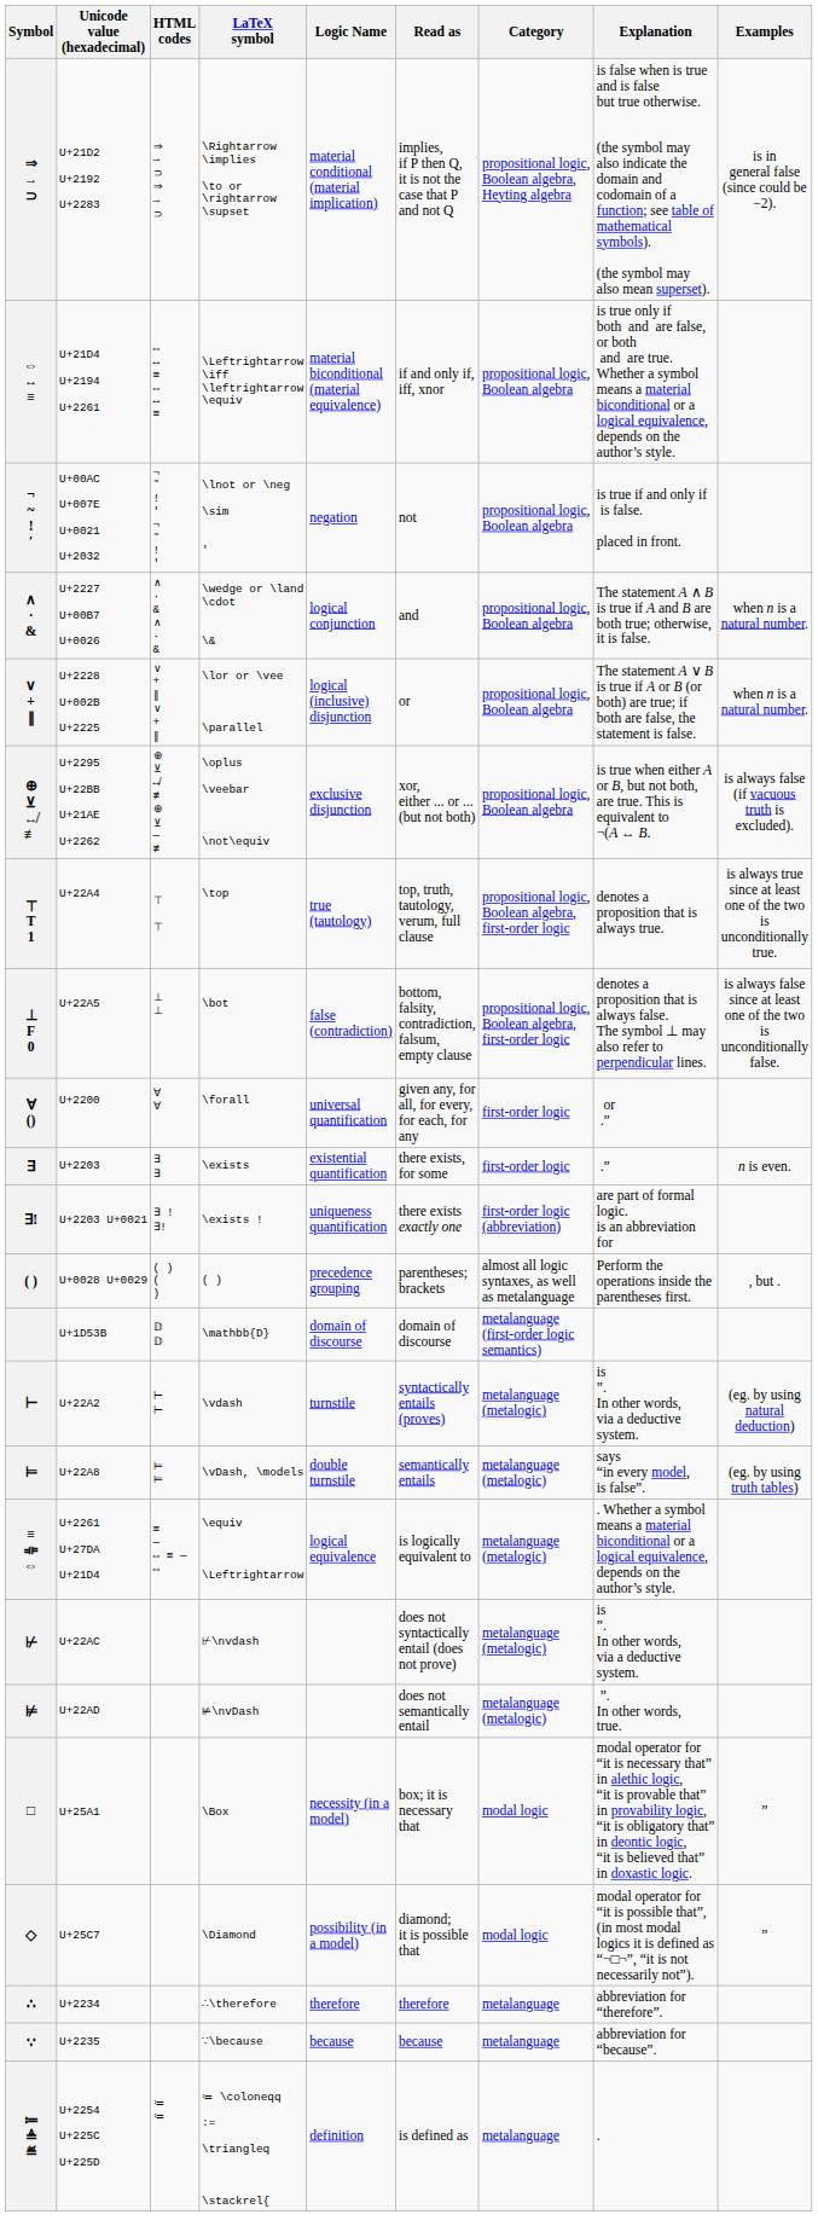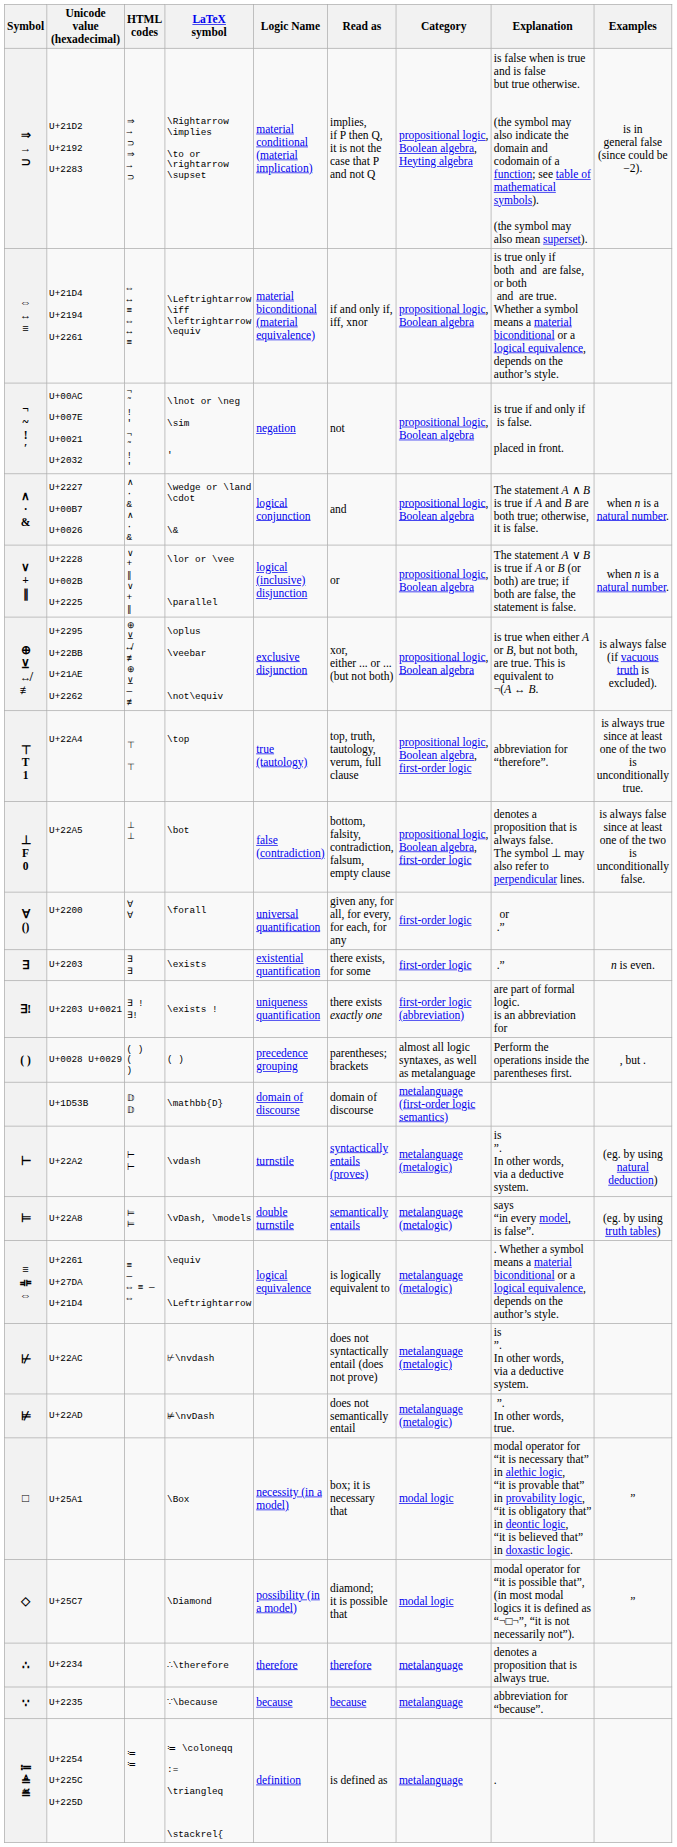 <table class="wikitable">
 <tr>
 <th scope="col">Symbol</th>
 <th scope="col">Unicode<br>value<br>(hexadecimal)</th>
 <th scope="col">HTML<br>codes</th>
 <th scope="col"><a href='#'>LaTeX</a><br>symbol</th>
 <th>Logic Name</th>
 <th>Read as</th>
 <th>Category</th>
 <th scope="col">Explanation</th>
 <th scope="col">Examples</th>
 </tr>
 <tr>
 <th scope"row" align="center"><div>⇒<br>→<br>⊃</div></th>
 <td style="text-align:left;font-family:monospace">U+21D2<br><br>U+2192<br><br>U+2283</td>
 <td style="text-align:left;font-family:monospace">&#8658;<br>&#8594;<br>&#8835;<br>&rArr;<br>&rarr;<br>&sup;</td>
 <td style="text-align:left;font-family:monospace"><div>\Rightarrow<br>\implies<br><br>\to or \rightarrow<br>\supset<br></div></td>
 <td><a href='#'>material conditional (material implication)</a></td>
 <td>implies,<br> if P then Q,<br> it is not the case that P and not Q</td>
 <td><a href='#'>propositional logic</a>, <a href='#'>Boolean algebra</a>, <a href='#'> Heyting algebra</a></td>
 <td> is false when  is true and  is false but true otherwise.<br><br><br>(the symbol may also indicate the domain and codomain of a <a href='#'>function</a>; see <a href='#'>table of mathematical symbols</a>).<br><br> (the symbol may also mean <a href='#'>superset</a>).</td>
 <td scope"row" align="center"><div> is in general false<br> (since  could be −2).</div></td>
 </tr>
 <tr>
 <th scope"row" align="center"><div>⇔<br>↔<br>≡</div></th>
 <td style="text-align:left;font-family:monospace">U+21D4<br><br>U+2194<br><br>U+2261</td>
 <td style="text-align:left;font-family:monospace">&#8660;<br>&#8596;<br>&#8801;<br>&hArr;<br>&LeftRightArrow;<br>&equiv;</td>
 <td style="text-align:left;font-family:monospace">\Leftrightarrow<br>\iff<br>\leftrightarrow<br>\equiv</td>
 <td><a href='#'>material biconditional (material equivalence)</a></td>
 <td>if and only if, iff, xnor</td>
 <td><a href='#'>propositional logic</a>, <a href='#'>Boolean algebra</a></td>
 <td> is true only if both  and  are false, or both  and  are true. Whether a symbol means a <a href='#'>material biconditional</a> or a <a href='#'>logical equivalence</a>, depends on the author’s style.</td>
 <td scope"row" align="center"><div></div></td>
 </tr>
 <tr>
 <th scope"row" align="center"><div>¬<br>~<br>!<br>′ </div></th>
 <td style="text-align:left;font-family:monospace">U+00AC<br><br>U+007E<br><br>U+0021<br><br>U+2032</td>
 <td style="text-align:left;font-family:monospace">&#172;<br>&#732;<br>&#33;<br>&#8242;<br>&not;<br>&tilde;<br>&excl;<br>&prime;</td>
 <td style="text-align:left;font-family:monospace">\lnot or \neg<br><br>\sim<br><br><br>  '</td>
 <td><a href='#'>negation</a></td>
 <td>not</td>
 <td><a href='#'>propositional logic</a>, <a href='#'>Boolean algebra</a></td>
 <td> is true if and only if  is false.<br><br> placed in front.<br></td>
 <td scope"row" align="center"><div><br></div></td>
 </tr>
 <tr>
 <th scope"row" align="center"><div>∧<br>·<br>&</div></th>
 <td style="text-align:left;font-family:monospace">U+2227<br><br>U+00B7<br><br>U+0026</td>
 <td style="text-align:left;font-family:monospace">&#8743;<br>&#183;<br>&#38;<br>&and;<br>&middot;<br>&amp;<br></td>
 <td style="text-align:left;font-family:monospace"><div>\wedge or \land<br>\cdot<br><br><br>\&</div></td>
 <td><a href='#'>logical conjunction</a></td>
 <td>and</td>
 <td><a href='#'>propositional logic</a>, <a href='#'>Boolean algebra</a></td>
 <td>The statement <em>A</em> ∧ <em>B</em> is true if <em>A</em> and <em>B</em> are both true; otherwise, it is false.</td>
 <td scope"row" align="center"><div>   when <em>n</em> is a <a href='#'>natural number</a>.</div></td>
 </tr>
 <tr>
 <th scope"row" align="center"><div>∨<br>+<br>∥</div></th>
 <td style="text-align:left;font-family:monospace">U+2228<br><br>U+002B<br><br>U+2225</td>
 <td style="text-align:left;font-family:monospace">&#8744;<br>&#43;<br>&#8741;<br>&or;<br>&plus;<br>&parallel;</td>
 <td style="text-align:left;font-family:monospace">\lor or \vee<br><br><br><br>\parallel</td>
 <td><a href='#'>logical (inclusive) disjunction</a></td>
 <td>or</td>
 <td><a href='#'>propositional logic</a>, <a href='#'>Boolean algebra</a></td>
 <td>The statement <em>A</em> ∨ <em>B</em> is true if <em>A</em> or <em>B</em> (or both) are true; if both are false, the statement is false.</td>
 <td scope"row" align="center"><div> when <em>n</em> is a <a href='#'>natural number</a>.</div></td>
 </tr>
 <tr>
 <th scope"row" align="center"><br><div>⊕<br>⊻<br>↮<br>≢</div></th>
 <td style="text-align:left;font-family:monospace">U+2295<br><br>U+22BB<br><br>U+21AE<br><br>U+2262</td>
 <td style="text-align:left;font-family:monospace">&#8853;<br>&#8891;<br>&#8622;<br>&#8802;<br>&oplus;<br>&veebar;<br>—<br>&nequiv;</td>
 <td style="text-align:left;font-family:monospace">\oplus<br><br>\veebar<br><br><br><br>\not\equiv</td>
 <td><a href='#'>exclusive disjunction</a></td>
 <td>xor,<br> either ... or ... (but not both)</td>
 <td><a href='#'>propositional logic</a>, <a href='#'>Boolean algebra</a></td>
 <td> is true when either <em>A</em> or <em>B</em>, but not both, are true. This is equivalent to<br> ¬(<em>A</em> ↔ <em>B</em>.</td>
 <td scope"row" align="center"><div> is always false (if <a href='#'>vacuous truth</a> is excluded).</div></td>
 </tr>
 <tr>
 <th scope"row" align="center"><br><div>⊤<br>T<br>1</div></th>
 <td style="text-align:left;font-family:monospace"><br><br>U+22A4<br><br> <br> <br> <br> <br></td>
 <td style="text-align:left;font-family:monospace">&#8868;<br><br>&top;<br></td>
 <td style="text-align:left;font-family:monospace">\top<br><br> <br> <br></td>
 <td><a href='#'>true (tautology)</a></td>
 <td>top, truth, tautology, verum, full clause</td>
 <td><a href='#'>propositional logic</a>, <a href='#'>Boolean algebra</a>, <a href='#'>first-order logic</a></td>
-<td> denotes a proposition that is always true.</td>
+<td>abbreviation for “therefore”.</td>
 <td scope"row" align="center"><div> is always true since at least one of the two is unconditionally true.</div></td>
 </tr>
 <tr>
 <th scope"row" align="center"><br><div>⊥<br>F<br>0</div></th>
 <td style="text-align:left;font-family:monospace"><br><br>U+22A5<br><br> <br> <br> <br> <br></td>
 <td style="text-align:left;font-family:monospace">&#8869;<br>&perp;<br><br> <br> <br></td>
 <td style="text-align:left;font-family:monospace">\bot<br><br> <br> <br></td>
 <td><a href='#'>false (contradiction)</a></td>
 <td>bottom, falsity, contradiction, falsum, empty clause</td>
 <td><a href='#'>propositional logic</a>, <a href='#'>Boolean algebra</a>, <a href='#'>first-order logic</a></td>
 <td> denotes a proposition that is always false. <br>The symbol ⊥ may also refer to <a href='#'>perpendicular</a> lines.</td>
 <td scope"row" align="center"><div> is always false since at least one of the two is unconditionally false.</div></td>
 </tr>
 <tr>
 <th scope"row" align="center"><div>∀<br>()</div></th>
 <td style="text-align:left;font-family:monospace">U+2200<br><br><br></td>
 <td style="text-align:left;font-family:monospace">&#8704;<br>&forall;<br><br><br></td>
 <td style="text-align:left;font-family:monospace">\forall<br><br><br></td>
 <td><a href='#'>universal quantification</a></td>
 <td>given any, for all, for every, for each, for any</td>
 <td><a href='#'>first-order logic</a></td>
 <td>  or<br> .”</td>
 <td scope"row" align="center"><div></div></td>
 </tr>
 <tr>
 <th scope"row" align="center"><div>∃</div></th>
 <td style="text-align:left;font-family:monospace">U+2203</td>
 <td style="text-align:left;font-family:monospace">&#8707;<br>&exist;</td>
 <td style="text-align:left;font-family:monospace">\exists</td>
 <td><a href='#'>existential quantification</a></td>
 <td>there exists, for some</td>
 <td><a href='#'>first-order logic</a></td>
 <td> .”</td>
 <td scope"row" align="center"><div> <em>n</em> is even.</div></td>
 </tr>
 <tr>
 <th scope"row" align="center"><div>∃!</div></th>
 <td style="text-align:left;font-family:monospace">U+2203 U+0021</td>
 <td style="text-align:left;font-family:monospace">&#8707; &#33;<br>&exist;!</td>
 <td style="text-align:left;font-family:monospace">\exists !</td>
 <td><a href='#'>uniqueness quantification</a></td>
 <td>there exists <em>exactly one</em></td>
 <td><a href='#'> first-order logic (abbreviation)</a></td>
 <td> are part of formal logic.<br> is an abbreviation for <div></div></td>
 <td scope"row" align="center"><div></div></td>
 </tr>
 <tr>
 <th scope"row" align="center"><div>( )</div></th>
 <td style="text-align:left;font-family:monospace">U+0028 U+0029</td>
 <td style="text-align:left;font-family:monospace">&#40; &#41;<br>&lpar;<br> &rpar;</td>
 <td style="text-align:left;font-family:monospace"> ( )</td>
 <td><a href='#'>precedence grouping</a></td>
 <td>parentheses; brackets</td>
 <td>almost all logic syntaxes, as well as metalanguage</td>
 <td>Perform the operations inside the parentheses first.</td>
 <td scope"row" align="center"><div>, but .</div></td>
 </tr>
 <tr>
 <th scope"row" align="center"><div></div></th>
 <td style="text-align:left;font-family:monospace">U+1D53B</td>
 <td style="text-align:left;font-family:monospace">&#120123;<br>&Dopf;</td>
 <td style="text-align:left;font-family:monospace">\mathbb{D}</td>
 <td><a href='#'>domain of discourse</a></td>
 <td>domain of discourse</td>
 <td><a href='#'> metalanguage (first-order logic semantics)</a></td>
 <td></td>
 <td scope"row" align="center"><div></div></td>
 </tr>
 <tr>
 <th scope"row" align="center"><div>⊢</div></th>
 <td style="text-align:left;font-family:monospace">U+22A2</td>
 <td style="text-align:left;font-family:monospace">&#8866;<br>&vdash;</td>
 <td style="text-align:left;font-family:monospace">\vdash</td>
 <td><a href='#'>turnstile</a></td>
 <td><a href='#'>syntactically entails (proves)</a></td>
 <td><a href='#'> metalanguage (metalogic)</a></td>
 <td> is<br>”.<br> In other words,<br> via a deductive system.</td>
 <td scope"row" align="center"><div><br> (eg. by using <a href='#'>natural deduction</a>)</div></td>
 </tr>
 <tr>
 <th scope"row" align="center"><div>⊨</div></th>
 <td style="text-align:left;font-family:monospace">U+22A8</td>
 <td style="text-align:left;font-family:monospace">&#8872;<br>&vDash;</td>
 <td style="text-align:left;font-family:monospace">\vDash, \models</td>
 <td><a href='#'>double turnstile</a></td>
 <td><a href='#'>semantically entails</a></td>
 <td><a href='#'> metalanguage (metalogic)</a></td>
 <td> says<br> “in every <a href='#'>model</a>,<br> is false”.</td>
 <td scope"row" align="center"><div><br> (eg. by using <a href='#'>truth tables</a>)</div></td>
 </tr>
 <tr>
 <th scope"row" align="center"><div>≡<br>⟚<br>⇔</div></th>
 <td style="text-align:left;font-family:monospace">U+2261<br><br>U+27DA<br><br>U+21D4</td>
 <td style="text-align:left;font-family:monospace">&#8801;<br>—<br>&#8660; &equiv; — &hArr;</td>
 <td style="text-align:left;font-family:monospace">\equiv<br><br><br><br>\Leftrightarrow</td>
 <td><a href='#'>logical equivalence</a></td>
 <td>is logically equivalent to</td>
 <td><a href='#'> metalanguage (metalogic)</a></td>
 <td>. Whether a symbol means a <a href='#'>material biconditional</a> or a <a href='#'>logical equivalence</a>, depends on the author’s style.</td>
 <td scope"row" align="center"><div></div></td>
 </tr>
 <tr>
 <th scope"row" align="center"><div>⊬</div></th>
 <td style="text-align:left;font-family:monospace">U+22AC</td>
 <td></td>
 <td style="text-align:left;font-family:monospace">⊬\nvdash</td>
 <td></td>
 <td>does not syntactically entail (does not prove)</td>
 <td><a href='#'> metalanguage (metalogic)</a></td>
 <td> is<br>”.<br> In other words,<br> via a deductive system.</td>
 <td scope"row" align="center"><div></div></td>
 </tr>
 <tr>
 <th scope"row" align="center"><div>⊭</div></th>
 <td style="text-align:left;font-family:monospace">U+22AD</td>
 <td></td>
 <td style="text-align:left;font-family:monospace">⊭\nvDash</td>
 <td></td>
 <td>does not semantically entail</td>
 <td><a href='#'> metalanguage (metalogic)</a></td>
 <td> ”.<br> In other words,<br> true.</td>
 <td scope"row" align="center"><div></div></td>
 </tr>
 <tr>
 <th scope"row" align="center"><div>□</div></th>
 <td style="text-align:left;font-family:monospace">U+25A1</td>
 <td></td>
 <td style="text-align:left;font-family:monospace">\Box</td>
 <td><a href='#'>necessity (in a model)</a></td>
 <td>box; it is necessary that</td>
 <td><a href='#'>modal logic</a></td>
 <td>modal operator for “it is necessary that”<br>in <a href='#'>alethic logic</a>, “it is provable that”<br>in <a href='#'>provability logic</a>, “it is obligatory that”<br>in <a href='#'>deontic logic</a>, “it is believed that”<br>in <a href='#'>doxastic logic</a>.</td>
 <td scope"row" align="center"><div>”</div></td>
 </tr>
 <tr>
 <th scope"row" align="center"><div>◇</div></th>
 <td style="text-align:left;font-family:monospace">U+25C7</td>
 <td></td>
 <td style="text-align:left;font-family:monospace">\Diamond</td>
 <td><a href='#'>possibility (in a model)</a></td>
 <td>diamond;<br>it is possible that</td>
 <td><a href='#'>modal logic</a></td>
 <td>modal operator for “it is possible that”, (in most modal logics it is defined as “¬□¬”, “it is not necessarily not”).</td>
 <td scope"row" align="center"><div>”</div></td>
 </tr>
 <tr>
 <th scope"row" align="center"><div>∴</div></th>
 <td style="text-align:left;font-family:monospace">U+2234</td>
 <td></td>
 <td style="text-align:left;font-family:monospace">∴\therefore</td>
 <td><a href='#'>therefore</a></td>
 <td><a href='#'>therefore</a></td>
 <td><a href='#'>metalanguage</a></td>
-<td>abbreviation for “therefore”.</td>
+<td> denotes a proposition that is always true.</td>
 <td></td>
 </tr>
 <tr>
 <th scope"row" align="center"><div>∵</div></th>
 <td style="text-align:left;font-family:monospace">U+2235</td>
 <td></td>
 <td style="text-align:left;font-family:monospace">∵\because</td>
 <td><a href='#'>because</a></td>
 <td><a href='#'>because</a></td>
 <td><a href='#'>metalanguage</a></td>
 <td>abbreviation for “because”.</td>
 <td></td>
 </tr>
 <tr>
 <th scope"row" align="center"><div>≔<br>≜<br>≝</div></th>
 <td style="text-align:left;font-family:monospace">U+2254<br><br>U+225C<br><br>U+225D</td>
 <td style="text-align:left;font-family:monospace">&#8788;<br>&coloneq;<br><br><br><br><br></td>
 <td style="text-align:left;font-family:monospace"><br><br><div>≔ \coloneqq<br><br>:=<br><br>\triangleq<br><br><br><br>\stackrel{<br> </div></td>
 <td><a href='#'>definition</a></td>
 <td>is defined as</td>
 <td><a href='#'>metalanguage</a></td>
 <td>.</td>
 <td scope"row" align="center"><div></div></td>
 </tr>
 </table>
